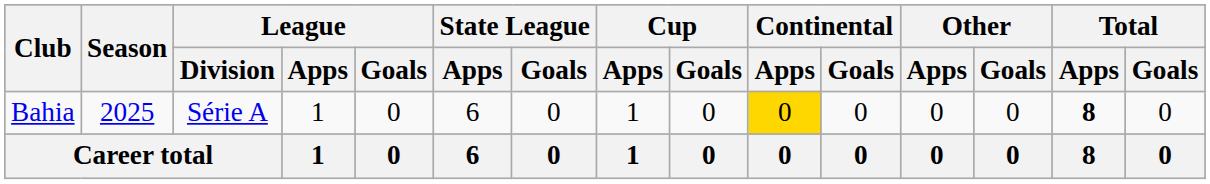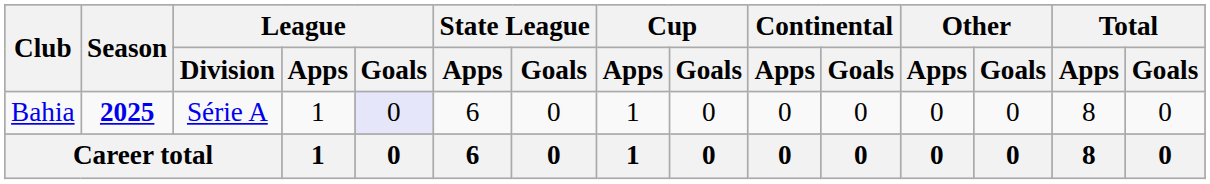 <table class="wikitable" style="text-align: center;">
 <tr>
 <th rowspan="2">Club</th>
 <th rowspan="2">Season</th>
 <th colspan="3">League</th>
 <th colspan="2">State League</th>
 <th colspan="2">Cup</th>
 <th colspan="2">Continental</th>
 <th colspan="2">Other</th>
 <th colspan="2">Total</th>
 </tr>
 <tr>
 <th>Division</th>
 <th>Apps</th>
 <th>Goals</th>
 <th>Apps</th>
 <th>Goals</th>
 <th>Apps</th>
 <th>Goals</th>
 <th>Apps</th>
 <th>Goals</th>
 <th>Apps</th>
 <th>Goals</th>
 <th>Apps</th>
 <th>Goals</th>
 </tr>
 <tr>
 <td valign="center"><a href='#'>Bahia</a></td>
-<td><a href='#'>2025</a></td>
+<td><strong><a href='#'>2025</a></strong></td>
 <td><a href='#'>Série A</a></td>
 <td>1</td>
-<td>0</td>
+<td style="background: lavender;">0</td>
 <td>6</td>
 <td>0</td>
 <td>1</td>
 <td>0</td>
-<td style="background: gold;">0</td>
 <td>0</td>
 <td>0</td>
 <td>0</td>
-<td><strong>8</strong></td>
+<td>0</td>
+<td>8</td>
 <td>0</td>
 </tr>
 <tr>
 <th colspan="3"><strong>Career total</strong></th>
 <th>1</th>
 <th>0</th>
 <th>6</th>
 <th>0</th>
 <th>1</th>
 <th>0</th>
 <th>0</th>
 <th>0</th>
 <th>0</th>
 <th>0</th>
 <th>8</th>
 <th>0</th>
 </tr>
 </table>
